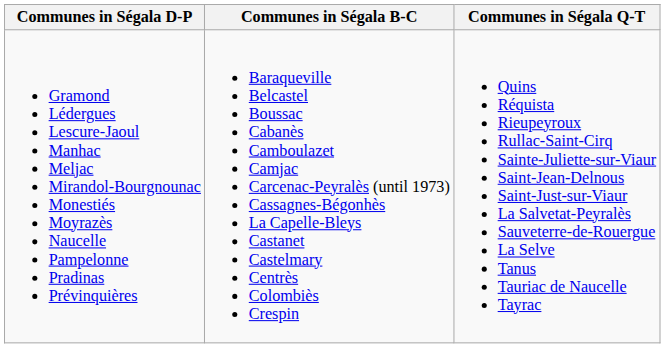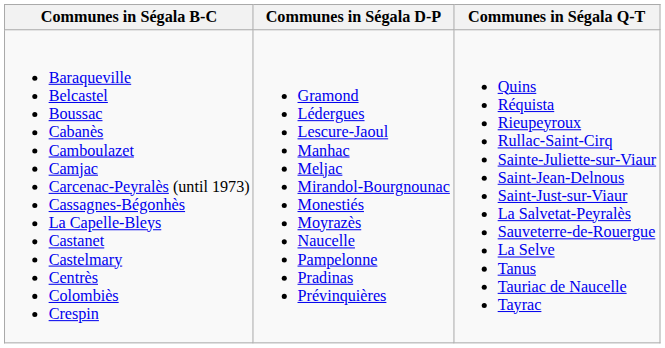 <table class="wikitable">
 <tr>
+<th>Communes in Ségala B-C</th>
 <th>Communes in Ségala D-P</th>
-<th>Communes in Ségala B-C</th>
 <th>Communes in Ségala Q-T</th>
 </tr>
 <tr>
+<td><br><ul><li><a href='#'>Baraqueville</a></li><li><a href='#'>Belcastel</a></li><li><a href='#'>Boussac</a></li><li><a href='#'>Cabanès</a></li><li><a href='#'>Camboulazet</a></li><li><a href='#'>Camjac</a></li><li><a href='#'>Carcenac-Peyralès</a> (until 1973)</li><li><a href='#'>Cassagnes-Bégonhès</a></li><li><a href='#'>La Capelle-Bleys</a></li><li><a href='#'>Castanet</a></li><li><a href='#'>Castelmary</a></li><li><a href='#'>Centrès</a></li><li><a href='#'>Colombiès</a></li><li><a href='#'>Crespin</a></li></ul></td>
 <td><br><ul><li><a href='#'>Gramond</a></li><li><a href='#'>Lédergues</a></li><li><a href='#'>Lescure-Jaoul</a></li><li><a href='#'>Manhac</a></li><li><a href='#'>Meljac</a></li><li><a href='#'>Mirandol-Bourgnounac</a></li><li><a href='#'>Monestiés</a></li><li><a href='#'>Moyrazès</a></li><li><a href='#'>Naucelle</a></li><li><a href='#'>Pampelonne</a></li><li><a href='#'>Pradinas</a></li><li><a href='#'>Prévinquières</a></li></ul></td>
-<td><br><ul><li><a href='#'>Baraqueville</a></li><li><a href='#'>Belcastel</a></li><li><a href='#'>Boussac</a></li><li><a href='#'>Cabanès</a></li><li><a href='#'>Camboulazet</a></li><li><a href='#'>Camjac</a></li><li><a href='#'>Carcenac-Peyralès</a> (until 1973)</li><li><a href='#'>Cassagnes-Bégonhès</a></li><li><a href='#'>La Capelle-Bleys</a></li><li><a href='#'>Castanet</a></li><li><a href='#'>Castelmary</a></li><li><a href='#'>Centrès</a></li><li><a href='#'>Colombiès</a></li><li><a href='#'>Crespin</a></li></ul></td>
 <td><br><ul><li><a href='#'>Quins</a></li><li><a href='#'>Réquista</a></li><li><a href='#'>Rieupeyroux</a></li><li><a href='#'>Rullac-Saint-Cirq</a></li><li><a href='#'>Sainte-Juliette-sur-Viaur</a></li><li><a href='#'>Saint-Jean-Delnous</a></li><li><a href='#'>Saint-Just-sur-Viaur</a></li><li><a href='#'>La Salvetat-Peyralès</a></li><li><a href='#'>Sauveterre-de-Rouergue</a></li><li><a href='#'>La Selve</a></li><li><a href='#'>Tanus</a></li><li><a href='#'>Tauriac de Naucelle</a></li><li><a href='#'>Tayrac</a></li></ul></td>
 </tr>
 </table>
